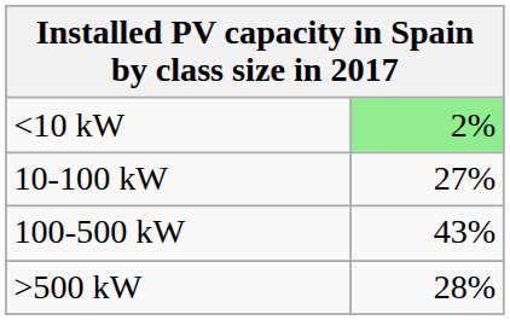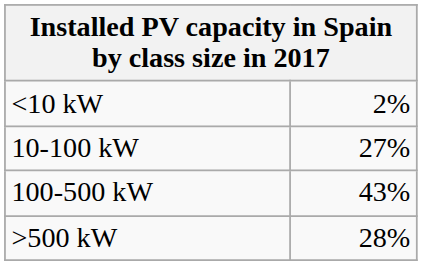 <table class="wikitable" style="float:right; width:235px; margin-top:4px; margin-left:5px; margin-bottom:0px;">
 <tr>
 <th colspan="2">Installed PV capacity in Spain by class size in 2017</th>
 </tr>
 <tr>
 <td><10 kW</td>
-<td align="right" style="background: lightgreen;">2%</td>
+<td align="right">2%</td>
 </tr>
 <tr>
 <td>10-100 kW</td>
 <td align="right">27%</td>
 </tr>
 <tr>
 <td>100-500 kW</td>
 <td align="right">43%</td>
 </tr>
 <tr>
 <td>>500 kW</td>
 <td align="right">28%</td>
 </tr>
 </table>
